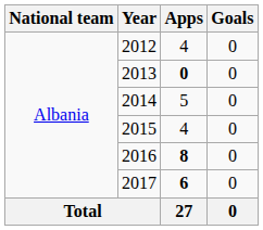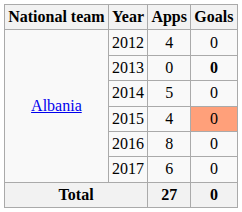 <table class="wikitable" style="text-align:center">
 <tr>
 <th>National team</th>
 <th>Year</th>
 <th>Apps</th>
 <th>Goals</th>
 </tr>
 <tr>
 <td rowspan="6"><a href='#'>Albania</a></td>
 <td>2012</td>
 <td>4</td>
 <td>0</td>
 </tr>
 <tr>
 <td>2013</td>
+<td>0</td>
 <td><strong>0</strong></td>
-<td>0</td>
 </tr>
 <tr>
 <td>2014</td>
 <td>5</td>
 <td>0</td>
 </tr>
 <tr>
 <td>2015</td>
 <td>4</td>
-<td>0</td>
+<td style="background: lightsalmon;">0</td>
 </tr>
 <tr>
 <td>2016</td>
-<td><strong>8</strong></td>
+<td>8</td>
 <td>0</td>
 </tr>
 <tr>
 <td>2017</td>
-<td><strong>6</strong></td>
+<td>6</td>
 <td>0</td>
 </tr>
 <tr>
 <th colspan="2">Total</th>
 <th>27</th>
 <th>0</th>
 </tr>
 </table>
